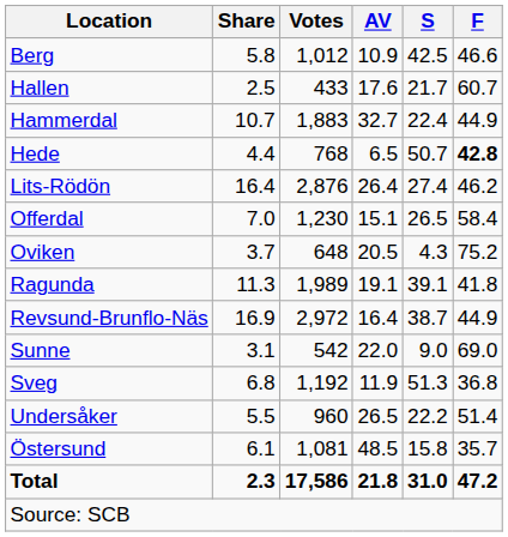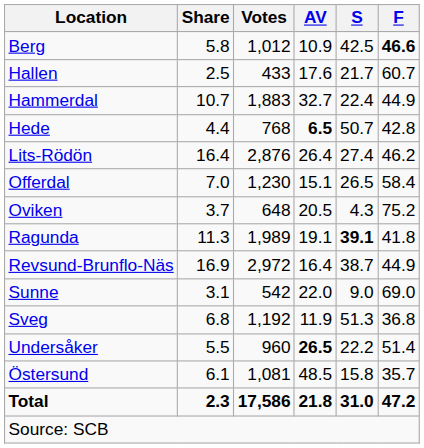 <table class="wikitable sortable" style=text-align:right>
 <tr>
 <th>Location</th>
 <th>Share</th>
 <th>Votes</th>
 <th><a href='#'>AV</a></th>
 <th><a href='#'>S</a></th>
 <th><a href='#'>F</a></th>
 </tr>
 <tr>
 <td align=left><a href='#'>Berg</a></td>
 <td>5.8</td>
 <td>1,012</td>
 <td>10.9</td>
 <td>42.5</td>
-<td>46.6</td>
+<td><strong>46.6</strong></td>
 </tr>
 <tr>
 <td align=left><a href='#'>Hallen</a></td>
 <td>2.5</td>
 <td>433</td>
 <td>17.6</td>
 <td>21.7</td>
 <td>60.7</td>
 </tr>
 <tr>
 <td align=left><a href='#'>Hammerdal</a></td>
 <td>10.7</td>
 <td>1,883</td>
 <td>32.7</td>
 <td>22.4</td>
 <td>44.9</td>
 </tr>
 <tr>
 <td align=left><a href='#'>Hede</a></td>
 <td>4.4</td>
 <td>768</td>
-<td>6.5</td>
+<td><strong>6.5</strong></td>
 <td>50.7</td>
-<td><strong>42.8</strong></td>
+<td>42.8</td>
 </tr>
 <tr>
 <td align=left><a href='#'>Lits-Rödön</a></td>
 <td>16.4</td>
 <td>2,876</td>
 <td>26.4</td>
 <td>27.4</td>
 <td>46.2</td>
 </tr>
 <tr>
 <td align=left><a href='#'>Offerdal</a></td>
 <td>7.0</td>
 <td>1,230</td>
 <td>15.1</td>
 <td>26.5</td>
 <td>58.4</td>
 </tr>
 <tr>
 <td align=left><a href='#'>Oviken</a></td>
 <td>3.7</td>
 <td>648</td>
 <td>20.5</td>
 <td>4.3</td>
 <td>75.2</td>
 </tr>
 <tr>
 <td align=left><a href='#'>Ragunda</a></td>
 <td>11.3</td>
 <td>1,989</td>
 <td>19.1</td>
-<td>39.1</td>
+<td><strong>39.1</strong></td>
 <td>41.8</td>
 </tr>
 <tr>
 <td align=left><a href='#'>Revsund-Brunflo-Näs</a></td>
 <td>16.9</td>
 <td>2,972</td>
 <td>16.4</td>
 <td>38.7</td>
 <td>44.9</td>
 </tr>
 <tr>
 <td align=left><a href='#'>Sunne</a></td>
 <td>3.1</td>
 <td>542</td>
 <td>22.0</td>
 <td>9.0</td>
 <td>69.0</td>
 </tr>
 <tr>
 <td align=left><a href='#'>Sveg</a></td>
 <td>6.8</td>
 <td>1,192</td>
 <td>11.9</td>
 <td>51.3</td>
 <td>36.8</td>
 </tr>
 <tr>
 <td align=left><a href='#'>Undersåker</a></td>
 <td>5.5</td>
 <td>960</td>
-<td>26.5</td>
+<td><strong>26.5</strong></td>
 <td>22.2</td>
 <td>51.4</td>
 </tr>
 <tr>
 <td align=left><a href='#'>Östersund</a></td>
 <td>6.1</td>
 <td>1,081</td>
 <td>48.5</td>
 <td>15.8</td>
 <td>35.7</td>
 </tr>
 <tr>
 <td align=left><strong>Total</strong></td>
 <td><strong>2.3</strong></td>
 <td><strong>17,586</strong></td>
 <td><strong>21.8</strong></td>
 <td><strong>31.0</strong></td>
 <td><strong>47.2</strong></td>
 </tr>
 <tr>
 <td align=left colspan=6>Source: SCB </td>
 </tr>
 </table>
